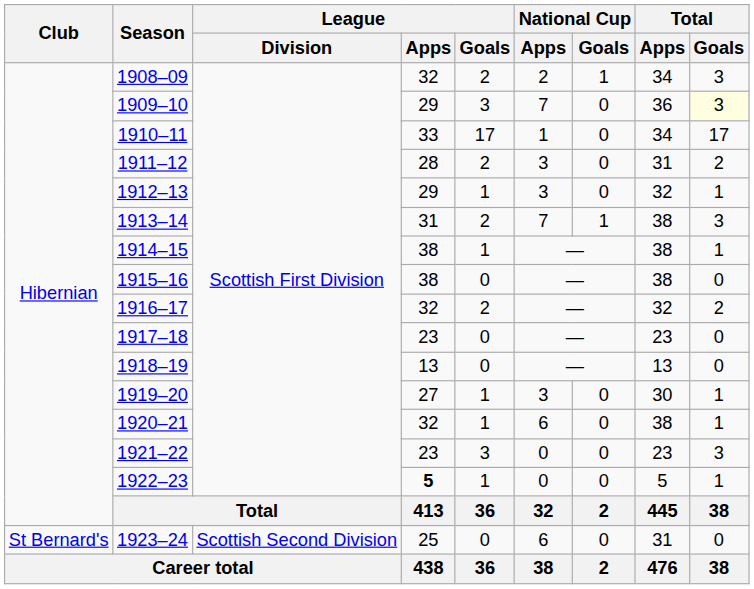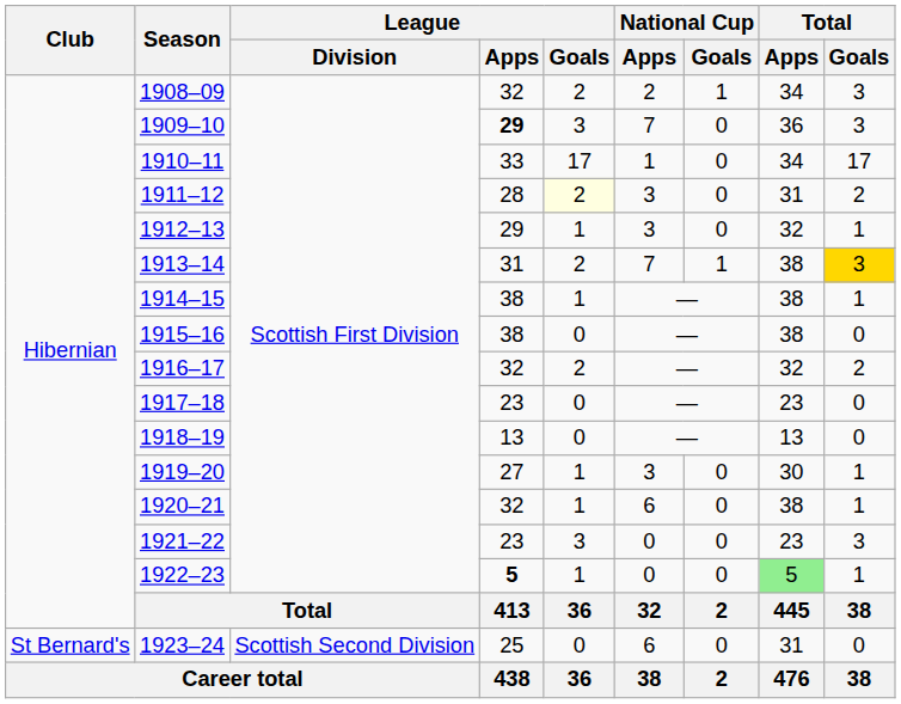 <table class="wikitable" style="text-align: center;">
 <tr>
 <th rowspan="2">Club</th>
 <th rowspan="2">Season</th>
 <th colspan="3">League</th>
 <th colspan="2">National Cup</th>
 <th colspan="2">Total</th>
 </tr>
 <tr>
 <th>Division</th>
 <th>Apps</th>
 <th>Goals</th>
 <th>Apps</th>
 <th>Goals</th>
 <th>Apps</th>
 <th>Goals</th>
 </tr>
 <tr>
 <td rowspan="16"><a href='#'>Hibernian</a></td>
 <td><a href='#'>1908–09</a></td>
 <td rowspan="15"><a href='#'>Scottish First Division</a></td>
 <td>32</td>
 <td>2</td>
 <td>2</td>
 <td>1</td>
 <td>34</td>
 <td>3</td>
 </tr>
 <tr>
 <td><a href='#'>1909–10</a></td>
-<td>29</td>
+<td><strong>29</strong></td>
 <td>3</td>
 <td>7</td>
 <td>0</td>
 <td>36</td>
-<td style="background: lightyellow;">3</td>
+<td>3</td>
 </tr>
 <tr>
 <td><a href='#'>1910–11</a></td>
 <td>33</td>
 <td>17</td>
 <td>1</td>
 <td>0</td>
 <td>34</td>
 <td>17</td>
 </tr>
 <tr>
 <td><a href='#'>1911–12</a></td>
 <td>28</td>
-<td>2</td>
+<td style="background: lightyellow;">2</td>
 <td>3</td>
 <td>0</td>
 <td>31</td>
 <td>2</td>
 </tr>
 <tr>
 <td><a href='#'>1912–13</a></td>
 <td>29</td>
 <td>1</td>
 <td>3</td>
 <td>0</td>
 <td>32</td>
 <td>1</td>
 </tr>
 <tr>
 <td><a href='#'>1913–14</a></td>
 <td>31</td>
 <td>2</td>
 <td>7</td>
 <td>1</td>
 <td>38</td>
-<td>3</td>
+<td style="background: gold;">3</td>
 </tr>
 <tr>
 <td><a href='#'>1914–15</a></td>
 <td>38</td>
 <td>1</td>
 <td colspan="2">—</td>
 <td>38</td>
 <td>1</td>
 </tr>
 <tr>
 <td><a href='#'>1915–16</a></td>
 <td>38</td>
 <td>0</td>
 <td colspan="2">—</td>
 <td>38</td>
 <td>0</td>
 </tr>
 <tr>
 <td><a href='#'>1916–17</a></td>
 <td>32</td>
 <td>2</td>
 <td colspan="2">—</td>
 <td>32</td>
 <td>2</td>
 </tr>
 <tr>
 <td><a href='#'>1917–18</a></td>
 <td>23</td>
 <td>0</td>
 <td colspan="2">—</td>
 <td>23</td>
 <td>0</td>
 </tr>
 <tr>
 <td><a href='#'>1918–19</a></td>
 <td>13</td>
 <td>0</td>
 <td colspan="2">—</td>
 <td>13</td>
 <td>0</td>
 </tr>
 <tr>
 <td><a href='#'>1919–20</a></td>
 <td>27</td>
 <td>1</td>
 <td>3</td>
 <td>0</td>
 <td>30</td>
 <td>1</td>
 </tr>
 <tr>
 <td><a href='#'>1920–21</a></td>
 <td>32</td>
 <td>1</td>
 <td>6</td>
 <td>0</td>
 <td>38</td>
 <td>1</td>
 </tr>
 <tr>
 <td><a href='#'>1921–22</a></td>
 <td>23</td>
 <td>3</td>
 <td>0</td>
 <td>0</td>
 <td>23</td>
 <td>3</td>
 </tr>
 <tr>
 <td><a href='#'>1922–23</a></td>
 <td><strong>5</strong></td>
 <td>1</td>
 <td>0</td>
 <td>0</td>
-<td>5</td>
+<td style="background: lightgreen;">5</td>
 <td>1</td>
 </tr>
 <tr>
 <th colspan="2">Total</th>
 <th>413</th>
 <th>36</th>
 <th>32</th>
 <th>2</th>
 <th>445</th>
 <th>38</th>
 </tr>
 <tr>
 <td><a href='#'>St Bernard's</a></td>
 <td><a href='#'>1923–24</a></td>
 <td><a href='#'>Scottish Second Division</a></td>
 <td>25</td>
 <td>0</td>
 <td>6</td>
 <td>0</td>
 <td>31</td>
 <td>0</td>
 </tr>
 <tr>
 <th colspan="3">Career total</th>
 <th>438</th>
 <th>36</th>
 <th>38</th>
 <th>2</th>
 <th>476</th>
 <th>38</th>
 </tr>
 </table>
